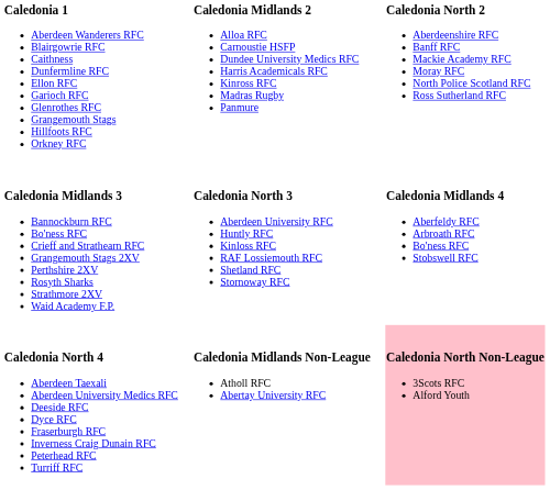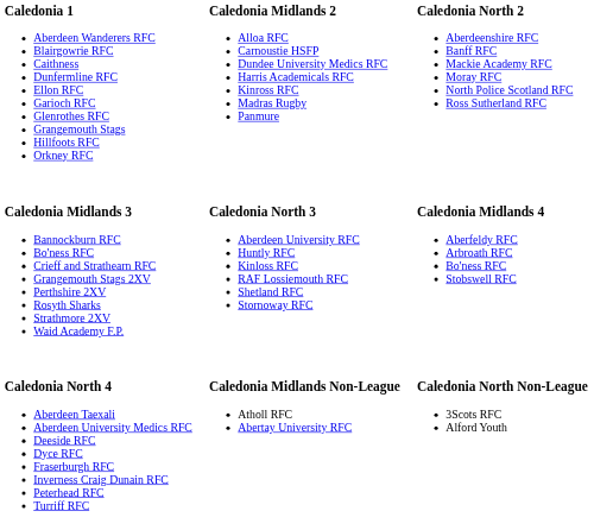 <table>
 <tr>
 <td valign="top"><br><h3>Caledonia 1</h3><ul><li><a href='#'>Aberdeen Wanderers RFC</a></li><li><a href='#'>Blairgowrie RFC</a></li><li><a href='#'>Caithness</a></li><li><a href='#'>Dunfermline RFC</a></li><li><a href='#'>Ellon RFC</a></li><li><a href='#'>Garioch RFC</a></li><li><a href='#'>Glenrothes RFC</a></li><li><a href='#'>Grangemouth Stags</a></li><li><a href='#'>Hillfoots RFC</a></li><li><a href='#'>Orkney RFC</a></li></ul></td>
 <td width="15"> </td>
 <td valign="top"><br><h3>Caledonia Midlands 2</h3><ul><li><a href='#'>Alloa RFC</a></li><li><a href='#'>Carnoustie HSFP</a></li><li><a href='#'>Dundee University Medics RFC</a></li><li><a href='#'>Harris Academicals RFC</a></li><li><a href='#'>Kinross RFC</a></li><li><a href='#'>Madras Rugby</a></li><li><a href='#'>Panmure</a></li></ul></td>
 <td width="15"> </td>
 <td valign="top"><br><h3>Caledonia North 2</h3><ul><li><a href='#'>Aberdeenshire RFC</a></li><li><a href='#'>Banff RFC</a></li><li><a href='#'>Mackie Academy RFC</a></li><li><a href='#'>Moray RFC</a></li><li><a href='#'>North Police Scotland RFC</a></li><li><a href='#'>Ross Sutherland RFC</a></li></ul></td>
 </tr>
 <tr>
 <td valign="top"><br><h3>Caledonia Midlands 3</h3><ul><li><a href='#'>Bannockburn RFC</a></li><li><a href='#'>Bo'ness RFC</a></li><li><a href='#'>Crieff and Strathearn RFC</a></li><li><a href='#'>Grangemouth Stags 2XV</a></li><li><a href='#'>Perthshire 2XV</a></li><li><a href='#'>Rosyth Sharks</a></li><li><a href='#'>Strathmore 2XV</a></li><li><a href='#'>Waid Academy F.P.</a></li></ul></td>
 <td width="15"> </td>
 <td valign="top"><br><h3>Caledonia North 3</h3><ul><li><a href='#'>Aberdeen University RFC</a></li><li><a href='#'>Huntly RFC</a></li><li><a href='#'>Kinloss RFC</a></li><li><a href='#'>RAF Lossiemouth RFC</a></li><li><a href='#'>Shetland RFC</a></li><li><a href='#'>Stornoway RFC</a></li></ul></td>
 <td width="15"> </td>
 <td valign="top"><br><h3>Caledonia Midlands 4</h3><ul><li><a href='#'>Aberfeldy RFC</a></li><li><a href='#'>Arbroath RFC</a></li><li><a href='#'>Bo'ness RFC</a></li><li><a href='#'>Stobswell RFC</a></li></ul></td>
 </tr>
 <tr>
 <td valign="top"><br><h3>Caledonia North 4</h3><ul><li><a href='#'>Aberdeen Taexali</a></li><li><a href='#'>Aberdeen University Medics RFC</a></li><li><a href='#'>Deeside RFC</a></li><li><a href='#'>Dyce RFC</a></li><li><a href='#'>Fraserburgh RFC</a></li><li><a href='#'>Inverness Craig Dunain RFC</a></li><li><a href='#'>Peterhead RFC</a></li><li><a href='#'>Turriff RFC</a></li></ul></td>
 <td width="15"> </td>
 <td valign="top"><br><h3>Caledonia Midlands Non-League</h3><ul><li>Atholl RFC</li><li><a href='#'>Abertay University RFC</a></li></ul></td>
 <td width="15"> </td>
-<td valign="top" style="background: pink;"><br><h3>Caledonia North Non-League</h3><ul><li>3Scots RFC</li><li>Alford Youth</li></ul></td>
+<td valign="top"><br><h3>Caledonia North Non-League</h3><ul><li>3Scots RFC</li><li>Alford Youth</li></ul></td>
 <td width="15"> </td>
 <td valign="top"></td>
 </tr>
 </table>
